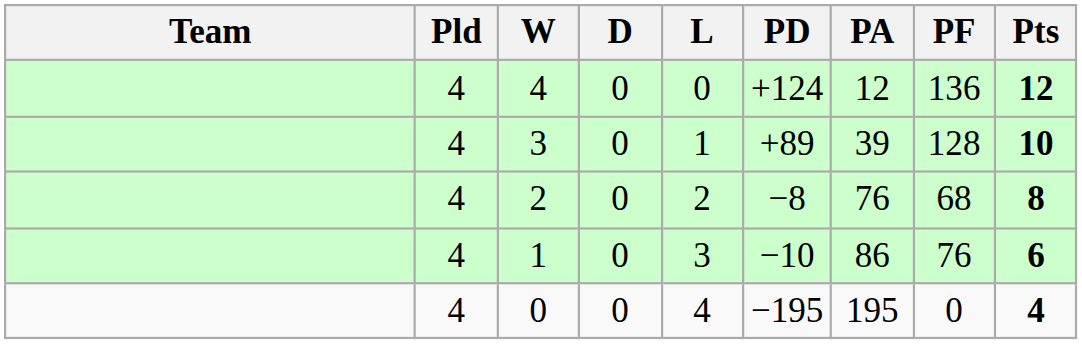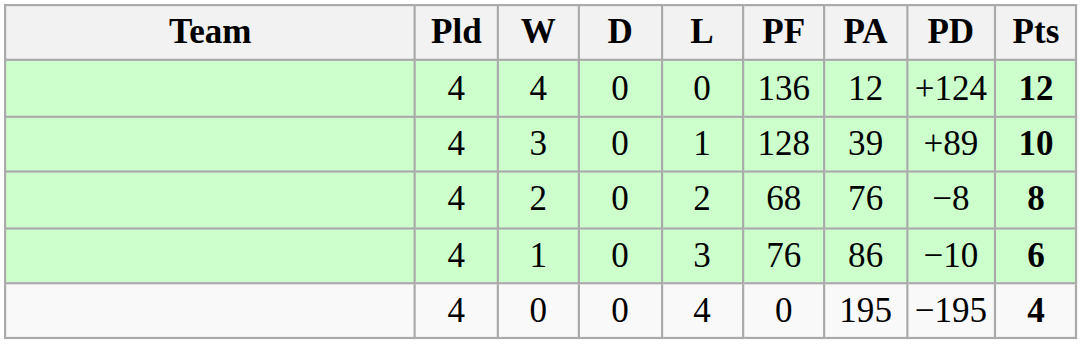 <table class="wikitable" style="text-align: center;">
 <tr>
 <th width="180">Team</th>
 <th width="30">Pld</th>
 <th width="30">W</th>
 <th width="30">D</th>
 <th width="30">L</th>
+<th width="30">PF</th>
+<th width="30">PA</th>
 <th width="30">PD</th>
-<th width="30">PA</th>
-<th width="30">PF</th>
 <th width="30">Pts</th>
 </tr>
 <tr bgcolor="#ccffcc">
 <td align=left></td>
 <td>4</td>
 <td>4</td>
 <td>0</td>
 <td>0</td>
+<td>136</td>
+<td>12</td>
 <td>+124</td>
-<td>12</td>
-<td>136</td>
 <td><strong>12</strong></td>
 </tr>
 <tr bgcolor="#ccffcc">
 <td align=left></td>
 <td>4</td>
 <td>3</td>
 <td>0</td>
 <td>1</td>
+<td>128</td>
+<td>39</td>
 <td>+89</td>
-<td>39</td>
-<td>128</td>
 <td><strong>10</strong></td>
 </tr>
 <tr bgcolor="#ccffcc">
 <td align=left></td>
 <td>4</td>
 <td>2</td>
 <td>0</td>
 <td>2</td>
+<td>68</td>
+<td>76</td>
 <td>−8</td>
-<td>76</td>
-<td>68</td>
 <td><strong>8</strong></td>
 </tr>
 <tr bgcolor="#ccffcc">
 <td align=left></td>
 <td>4</td>
 <td>1</td>
 <td>0</td>
 <td>3</td>
+<td>76</td>
+<td>86</td>
 <td>−10</td>
-<td>86</td>
-<td>76</td>
 <td><strong>6</strong></td>
 </tr>
 <tr>
 <td align=left></td>
 <td>4</td>
 <td>0</td>
 <td>0</td>
 <td>4</td>
+<td>0</td>
+<td>195</td>
 <td>−195</td>
-<td>195</td>
-<td>0</td>
 <td><strong>4</strong></td>
 </tr>
 </table>
